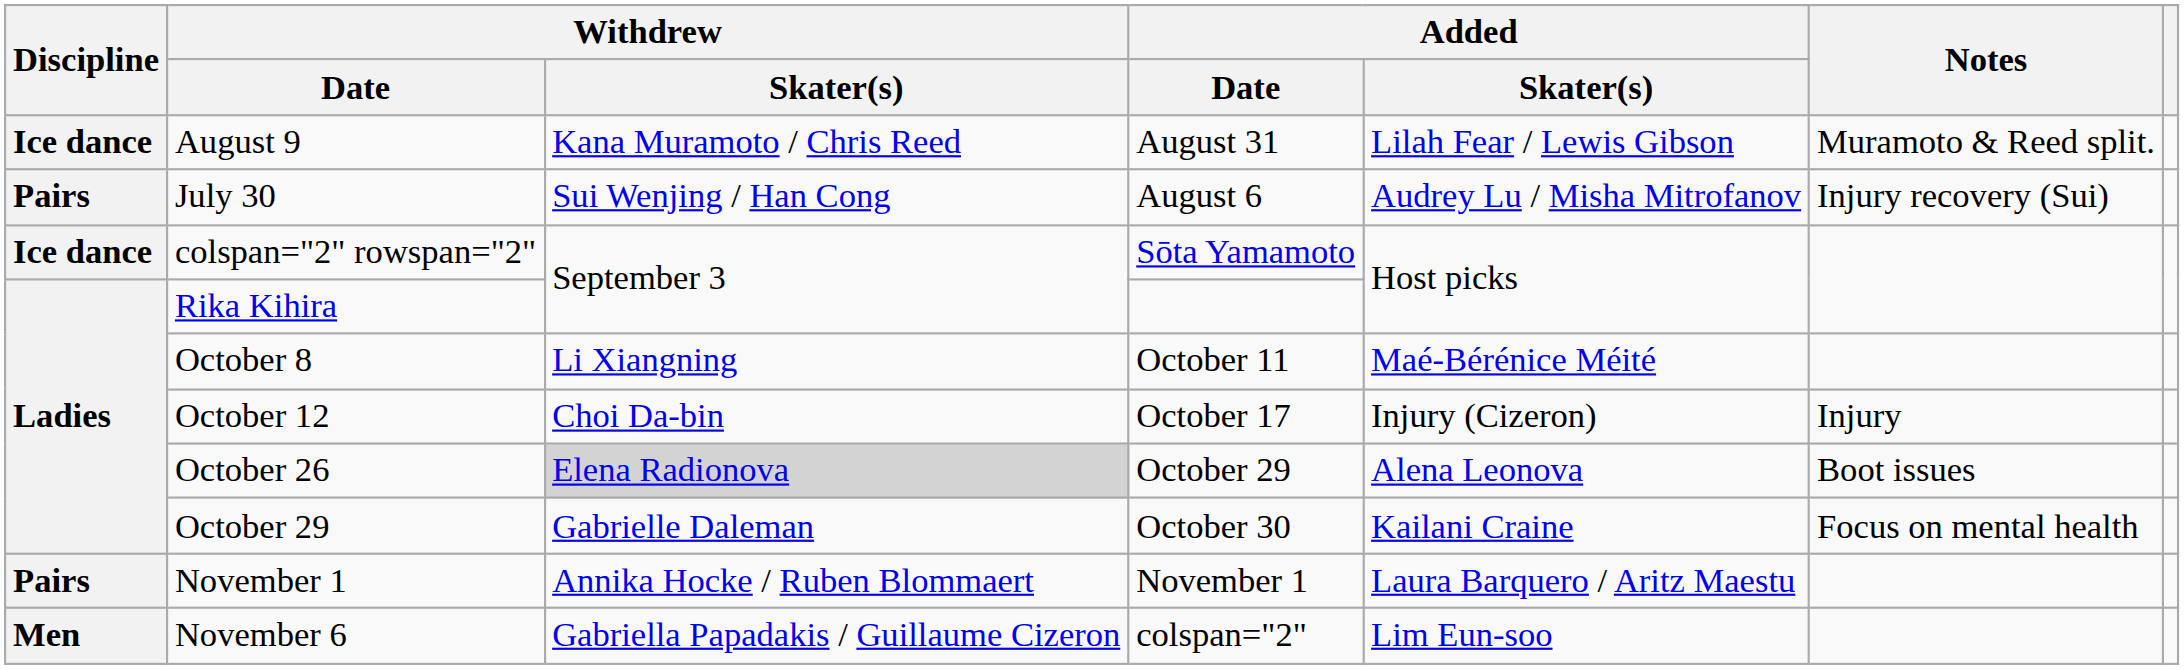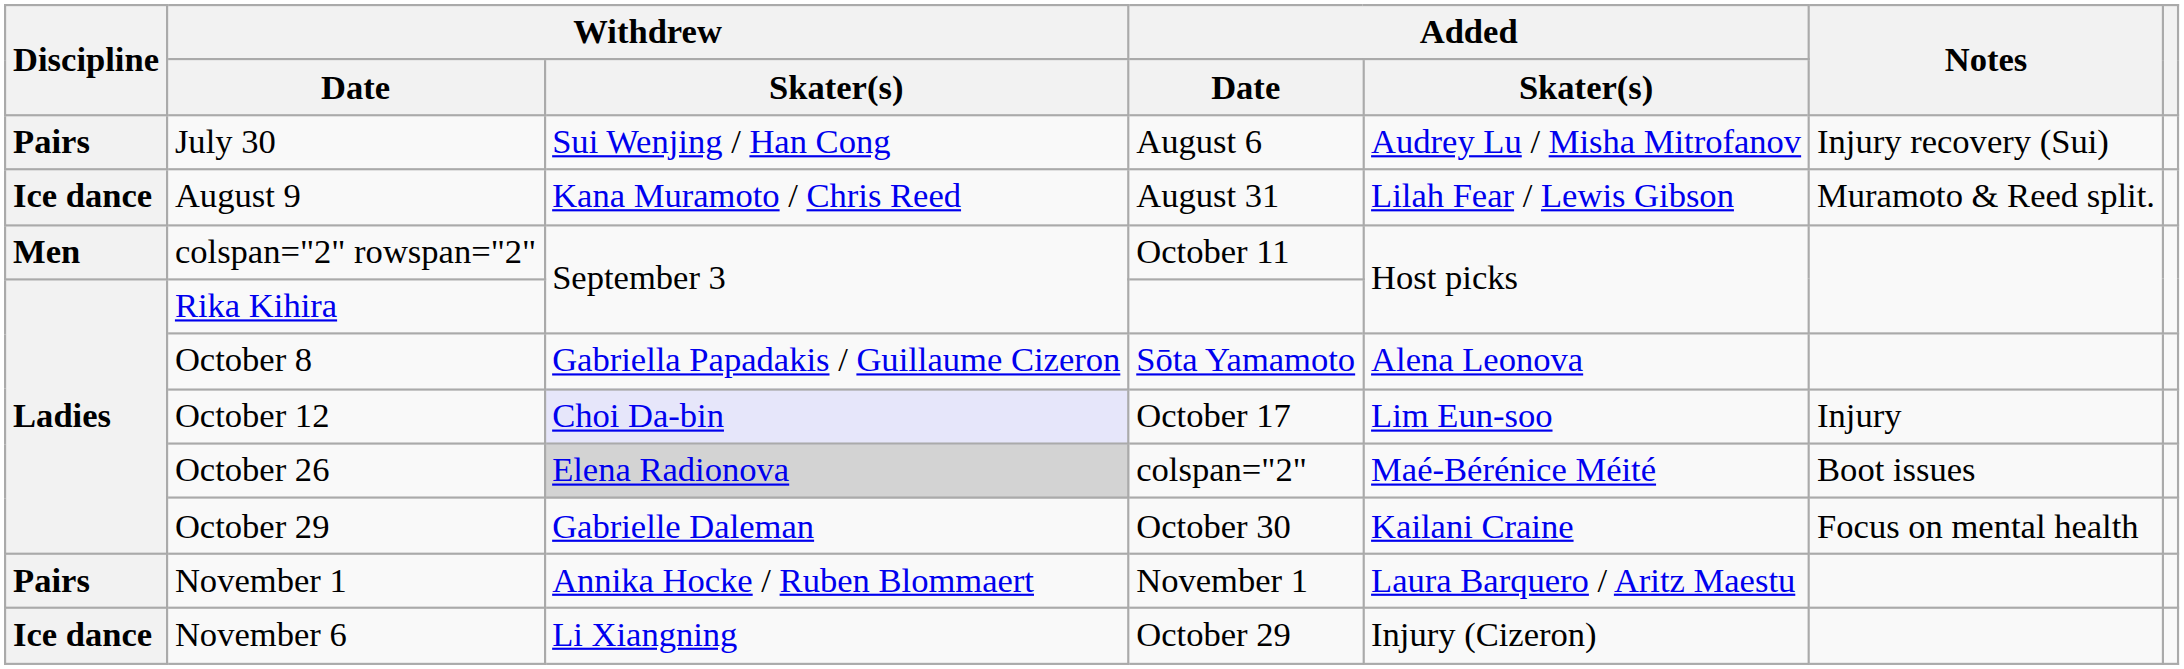 <table class="wikitable unsortable">
 <tr>
 <th scope="col" rowspan=2>Discipline</th>
 <th scope="col" colspan=2>Withdrew</th>
 <th scope="col" colspan=2>Added</th>
 <th scope="col" rowspan=2>Notes</th>
 <th scope="col" rowspan=2></th>
 </tr>
 <tr>
 <th>Date</th>
 <th>Skater(s)</th>
 <th>Date</th>
 <th>Skater(s)</th>
 </tr>
 <tr>
-<th scope="row" style="text-align:left">Ice dance</th>
-<td>August 9</td>
-<td> <a href='#'>Kana Muramoto</a> / <a href='#'>Chris Reed</a></td>
-<td>August 31</td>
-<td> <a href='#'>Lilah Fear</a> / <a href='#'>Lewis Gibson</a></td>
-<td>Muramoto & Reed split.</td>
-<td></td>
-</tr>
-<tr>
 <th scope="row" style="text-align:left">Pairs</th>
 <td>July 30</td>
 <td> <a href='#'>Sui Wenjing</a> / <a href='#'>Han Cong</a></td>
 <td>August 6</td>
 <td> <a href='#'>Audrey Lu</a> / <a href='#'>Misha Mitrofanov</a></td>
 <td>Injury recovery (Sui)</td>
 <td></td>
 </tr>
 <tr>
 <th scope="row" style="text-align:left">Ice dance</th>
+<td>August 9</td>
+<td> <a href='#'>Kana Muramoto</a> / <a href='#'>Chris Reed</a></td>
+<td>August 31</td>
+<td> <a href='#'>Lilah Fear</a> / <a href='#'>Lewis Gibson</a></td>
+<td>Muramoto & Reed split.</td>
+<td></td>
+</tr>
+<tr>
+<th scope="row" style="text-align:left">Men</th>
 <td>colspan="2" rowspan="2" </td>
 <td rowspan="2">September 3</td>
-<td> <a href='#'>Sōta Yamamoto</a></td>
+<td>October 11</td>
 <td rowspan="2">Host picks</td>
 <td rowspan="2"></td>
 </tr>
 <tr>
 <th scope="row" style="text-align:left" rowspan="5">Ladies</th>
 <td> <a href='#'>Rika Kihira</a></td>
 </tr>
 <tr>
 <td>October 8</td>
-<td> <a href='#'>Li Xiangning</a></td>
-<td>October 11</td>
-<td> <a href='#'>Maé-Bérénice Méité</a></td>
+<td> <a href='#'>Gabriella Papadakis</a> / <a href='#'>Guillaume Cizeron</a></td>
+<td> <a href='#'>Sōta Yamamoto</a></td>
+<td> <a href='#'>Alena Leonova</a></td>
 <td></td>
 <td></td>
 </tr>
 <tr>
 <td>October 12</td>
-<td> <a href='#'>Choi Da-bin</a></td>
+<td style="background: lavender;"> <a href='#'>Choi Da-bin</a></td>
 <td>October 17</td>
-<td>Injury (Cizeron)</td>
+<td> <a href='#'>Lim Eun-soo</a></td>
 <td>Injury</td>
 <td></td>
 </tr>
 <tr>
 <td>October 26</td>
 <td style="background: lightgrey;"> <a href='#'>Elena Radionova</a></td>
-<td>October 29</td>
-<td> <a href='#'>Alena Leonova</a></td>
+<td>colspan="2" </td>
+<td> <a href='#'>Maé-Bérénice Méité</a></td>
 <td>Boot issues</td>
 <td></td>
 </tr>
 <tr>
 <td>October 29</td>
 <td> <a href='#'>Gabrielle Daleman</a></td>
 <td>October 30</td>
 <td> <a href='#'>Kailani Craine</a></td>
 <td>Focus on mental health</td>
 <td></td>
 </tr>
 <tr>
 <th scope="row" style="text-align:left">Pairs</th>
 <td>November 1</td>
 <td> <a href='#'>Annika Hocke</a> / <a href='#'>Ruben Blommaert</a></td>
 <td>November 1</td>
 <td> <a href='#'>Laura Barquero</a> / <a href='#'>Aritz Maestu</a></td>
 <td></td>
 <td></td>
 </tr>
 <tr>
-<th scope="row" style="text-align:left">Men</th>
+<th scope="row" style="text-align:left">Ice dance</th>
 <td>November 6</td>
-<td> <a href='#'>Gabriella Papadakis</a> / <a href='#'>Guillaume Cizeron</a></td>
-<td>colspan="2" </td>
-<td> <a href='#'>Lim Eun-soo</a></td>
+<td> <a href='#'>Li Xiangning</a></td>
+<td>October 29</td>
+<td>Injury (Cizeron)</td>
 <td></td>
 </tr>
 </table>
